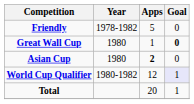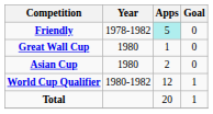 <table class="wikitable" style="font-size:90%; text-align: center;">
 <tr>
 <th>Competition</th>
 <th>Year</th>
 <th>Apps</th>
 <th>Goal</th>
 </tr>
 <tr>
 <td rowspan=1><strong><a href='#'>Friendly</a></strong></td>
 <td>1978-1982</td>
-<td>5</td>
+<td style="background: paleturquoise;">5</td>
 <td>0</td>
 </tr>
 <tr>
 <td rowspan=1><strong><a href='#'>Great Wall Cup</a></strong></td>
 <td>1980</td>
 <td>1</td>
-<td><strong>0</strong></td>
+<td>0</td>
 </tr>
 <tr>
 <td rowspan=1><strong><a href='#'>Asian Cup</a></strong></td>
 <td>1980</td>
-<td><strong>2</strong></td>
+<td>2</td>
 <td>0</td>
 </tr>
 <tr>
 <td rowspan=1><strong><a href='#'>World Cup Qualifier</a></strong></td>
 <td>1980-1982</td>
 <td>12</td>
-<td style="background: lavender;">1</td>
+<td>1</td>
 </tr>
 <tr>
 <td rowspan=1><strong>Total</strong></td>
 <td></td>
 <td>20</td>
 <td>1</td>
 </tr>
 <tr>
 </tr>
 <tr>
 </tr>
 </table>
